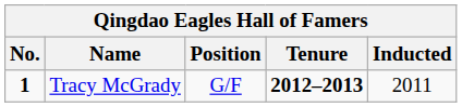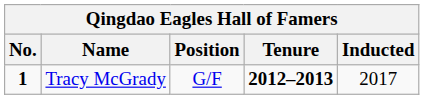 <table class="wikitable" style="text-align:center">
 <tr>
 <th colspan="5">Qingdao Eagles Hall of Famers</th>
 </tr>
 <tr>
 <th>No.</th>
 <th>Name</th>
 <th>Position</th>
 <th>Tenure</th>
 <th>Inducted</th>
 </tr>
 <tr>
 <td><strong>1</strong></td>
 <td><a href='#'>Tracy McGrady</a></td>
 <td><a href='#'>G/F</a></td>
 <td><strong>2012–2013</strong></td>
-<td>2011</td>
+<td>2017</td>
 </tr>
 </table>
